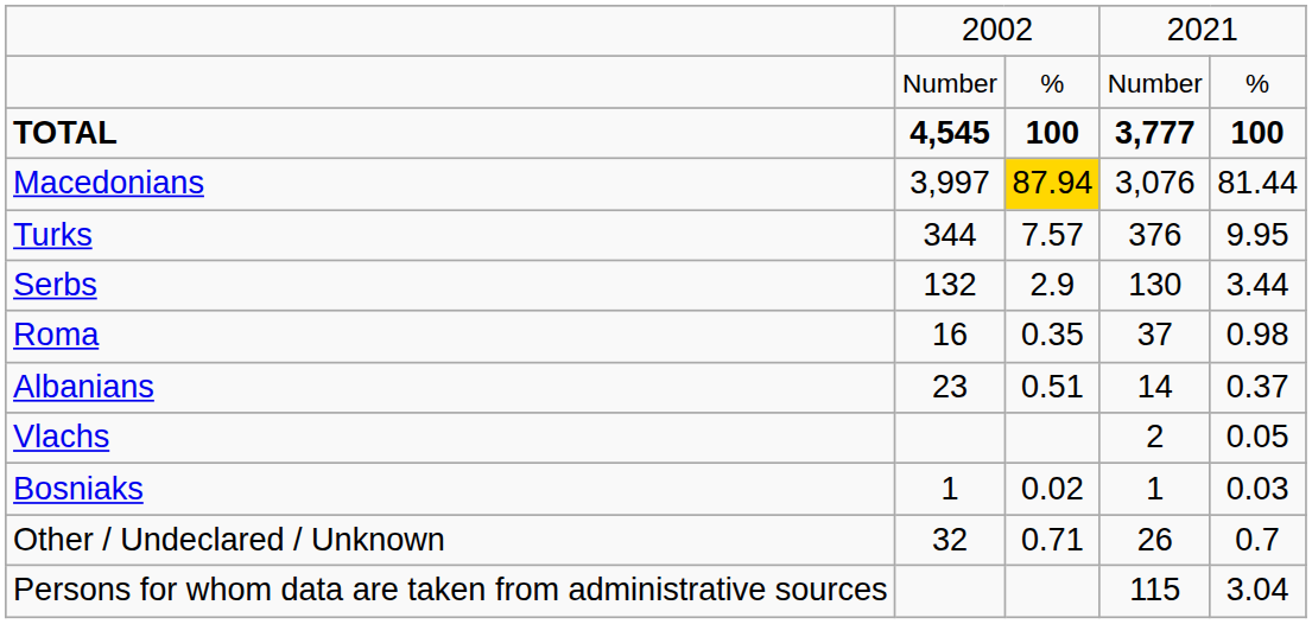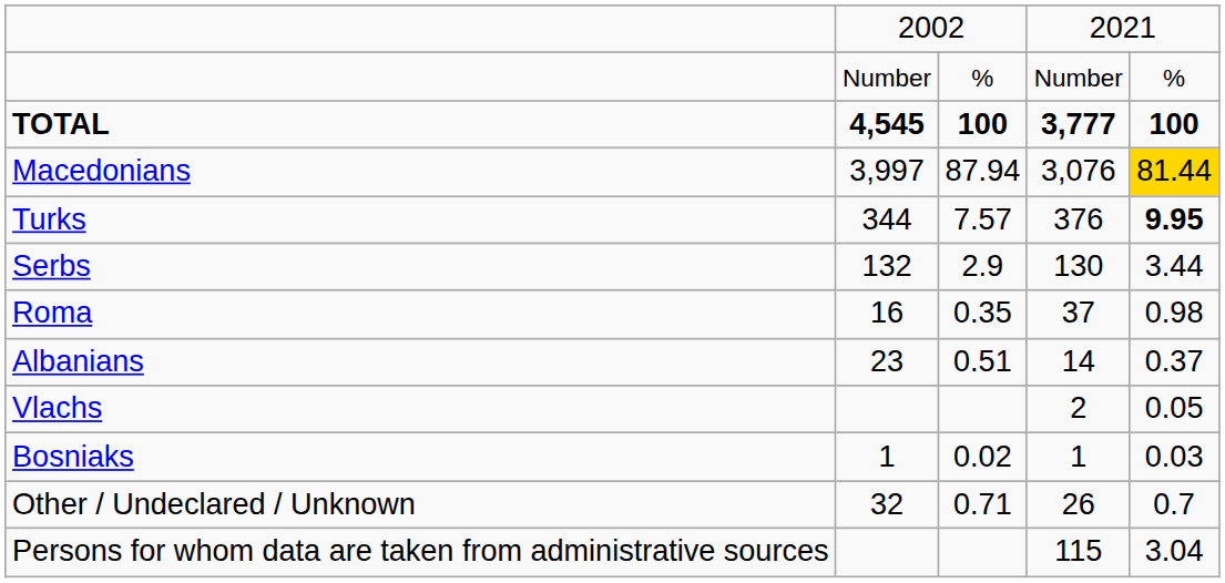 <table class="wikitable">
 <tr>
 <td></td>
 <td colspan="2" align="center">2002</td>
 <td colspan="2" align="center">2021</td>
 </tr>
 <tr>
 <td></td>
 <td align="center"><small>Number</small></td>
 <td align="center"><small>%</small></td>
 <td align="center"><small>Number</small></td>
 <td align="center"><small>%</small></td>
 </tr>
 <tr>
 <td><strong>TOTAL</strong></td>
 <td align="center"><strong>4,545</strong></td>
 <td align="center"><strong>100</strong></td>
 <td align="center"><strong>3,777</strong></td>
 <td align="center"><strong>100</strong></td>
 </tr>
 <tr>
 <td><a href='#'>Macedonians</a></td>
 <td align="center">3,997</td>
-<td align="center" style="background: gold;">87.94</td>
+<td align="center">87.94</td>
 <td align="center">3,076</td>
-<td align="center">81.44</td>
+<td align="center" style="background: gold;">81.44</td>
 </tr>
 <tr>
 <td><a href='#'>Turks</a></td>
 <td align="center">344</td>
 <td align="center">7.57</td>
 <td align="center">376</td>
-<td align="center">9.95</td>
+<td align="center"><strong>9.95</strong></td>
 </tr>
 <tr>
 <td><a href='#'>Serbs</a></td>
 <td align="center">132</td>
 <td align="center">2.9</td>
 <td align="center">130</td>
 <td align="center">3.44</td>
 </tr>
 <tr>
 <td><a href='#'>Roma</a></td>
 <td align="center">16</td>
 <td align="center">0.35</td>
 <td align="center">37</td>
 <td align="center">0.98</td>
 </tr>
 <tr>
 <td><a href='#'>Albanians</a></td>
 <td align="center">23</td>
 <td align="center">0.51</td>
 <td align="center">14</td>
 <td align="center">0.37</td>
 </tr>
 <tr>
 <td><a href='#'>Vlachs</a></td>
 <td align="center"></td>
 <td align="center"></td>
 <td align="center">2</td>
 <td align="center">0.05</td>
 </tr>
 <tr>
 <td><a href='#'>Bosniaks</a></td>
 <td align="center">1</td>
 <td align="center">0.02</td>
 <td align="center">1</td>
 <td align="center">0.03</td>
 </tr>
 <tr>
 <td>Other / Undeclared / Unknown</td>
 <td align="center">32</td>
 <td align="center">0.71</td>
 <td align="center">26</td>
 <td align="center">0.7</td>
 </tr>
 <tr>
 <td>Persons for whom data are taken from administrative sources</td>
 <td align="center"></td>
 <td align="center"></td>
 <td align="center">115</td>
 <td align="center">3.04</td>
 </tr>
 </table>
